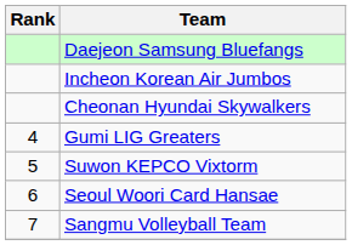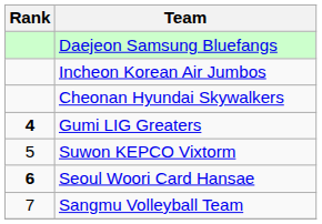 <table class="wikitable" style="text-align: center;">
 <tr>
 <th width=40>Rank</th>
 <th width=240>Team</th>
 </tr>
 <tr bgcolor=#ccffcc>
 <td></td>
 <td align=left><a href='#'>Daejeon Samsung Bluefangs</a></td>
 </tr>
 <tr>
 <td></td>
 <td align=left><a href='#'>Incheon Korean Air Jumbos</a></td>
 </tr>
 <tr>
 <td></td>
 <td align=left><a href='#'>Cheonan Hyundai Skywalkers</a></td>
 </tr>
 <tr>
-<td>4</td>
+<td><strong>4</strong></td>
 <td align=left><a href='#'>Gumi LIG Greaters</a></td>
 </tr>
 <tr>
 <td>5</td>
 <td align=left><a href='#'>Suwon KEPCO Vixtorm</a></td>
 </tr>
 <tr>
-<td>6</td>
+<td><strong>6</strong></td>
 <td align=left><a href='#'>Seoul Woori Card Hansae</a></td>
 </tr>
 <tr>
 <td>7</td>
 <td align=left><a href='#'>Sangmu Volleyball Team</a></td>
 </tr>
 <tr>
 </tr>
 </table>
